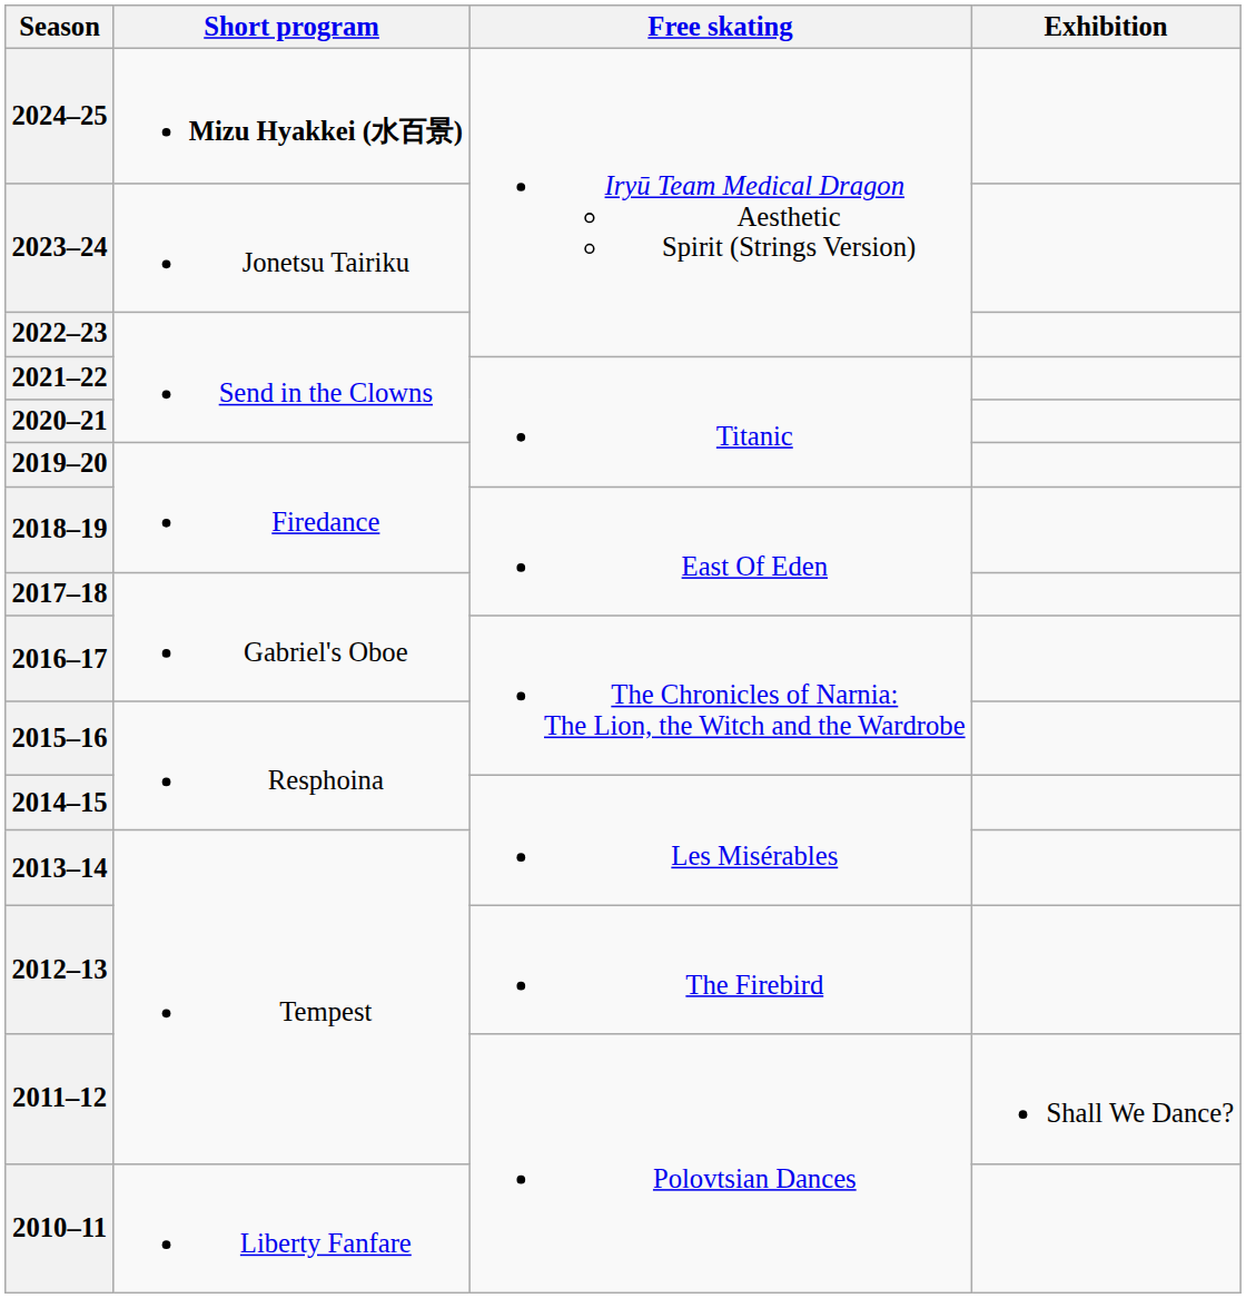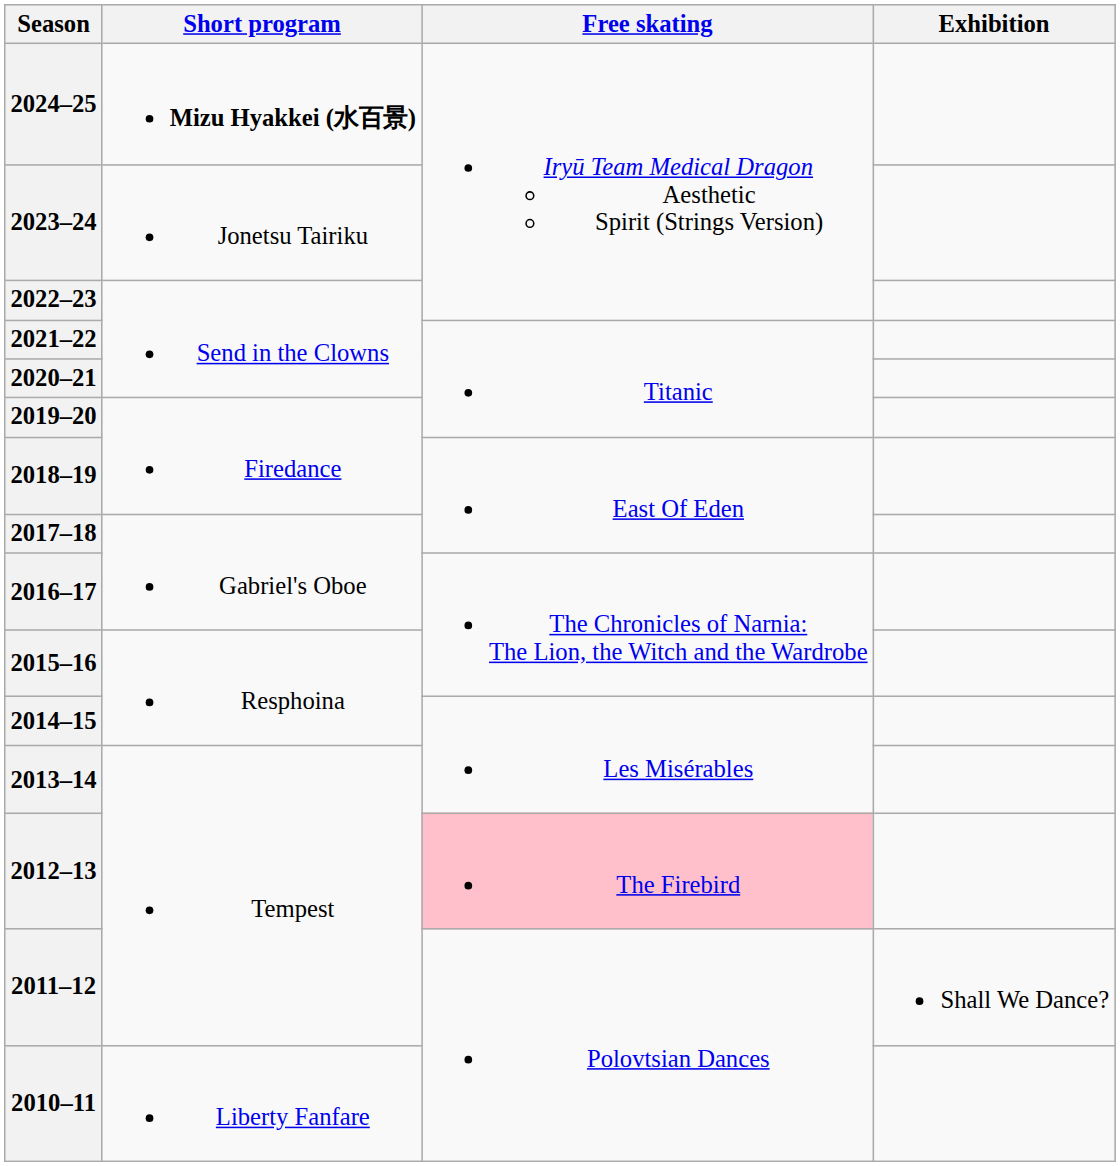 <table class="wikitable" style="text-align:center">
 <tr>
 <th>Season</th>
 <th><a href='#'>Short program</a></th>
 <th><a href='#'>Free skating</a></th>
 <th>Exhibition</th>
 </tr>
 <tr>
 <th>2024–25 <br> </th>
 <td><strong><br><ul><li>Mizu Hyakkei (水百景) <br></li></ul></strong></td>
 <td rowspan=3><br><ul><li><em><a href='#'>Iryū Team Medical Dragon</a></em><ul><li>Aesthetic</li><li>Spirit (Strings Version) <br></li></ul></li></ul></td>
 <td></td>
 </tr>
 <tr>
 <th>2023–24 <br> </th>
 <td><br><ul><li>Jonetsu Tairiku <br></li></ul></td>
 <td></td>
 </tr>
 <tr>
 <th>2022–23</th>
 <td rowspan=3><br><ul><li><a href='#'>Send in the Clowns</a><br></li></ul></td>
 <td></td>
 </tr>
 <tr>
 <th>2021–22</th>
 <td rowspan=3><br><ul><li><a href='#'>Titanic</a> <br></li></ul></td>
 <td></td>
 </tr>
 <tr>
 <th>2020–21</th>
 <td></td>
 </tr>
 <tr>
 <th>2019–20<br></th>
 <td rowspan=2><br><ul><li><a href='#'>Firedance</a><br></li></ul></td>
 <td></td>
 </tr>
 <tr>
 <th>2018–19<br></th>
 <td rowspan=2><br><ul><li><a href='#'>East Of Eden</a><br></li></ul></td>
 <td></td>
 </tr>
 <tr>
 <th>2017–18</th>
 <td rowspan=2><br><ul><li>Gabriel's Oboe<br></li></ul></td>
 <td></td>
 </tr>
 <tr>
 <th>2016–17</th>
 <td rowspan=2><br><ul><li><a href='#'>The Chronicles of Narnia:<br> The Lion, the Witch and the Wardrobe</a> <br></li></ul></td>
 <td></td>
 </tr>
 <tr>
 <th>2015–16 <br> </th>
 <td rowspan=2><br><ul><li>Resphoina <br></li></ul></td>
 <td></td>
 </tr>
 <tr>
 <th>2014–15 <br> </th>
 <td rowspan=2><br><ul><li><a href='#'>Les Misérables</a> <br></li></ul></td>
 <td></td>
 </tr>
 <tr>
 <th>2013–14 <br> </th>
 <td rowspan=3><br><ul><li>Tempest <br></li></ul></td>
 <td></td>
 </tr>
 <tr>
 <th>2012–13 <br> </th>
-<td><br><ul><li><a href='#'>The Firebird</a> <br></li></ul></td>
+<td style="background: pink;"><br><ul><li><a href='#'>The Firebird</a> <br></li></ul></td>
 <td></td>
 </tr>
 <tr>
 <th>2011–12 <br> </th>
 <td rowspan=2><br><ul><li><a href='#'>Polovtsian Dances</a> <br></li></ul></td>
 <td><br><ul><li>Shall We Dance? <br></li></ul></td>
 </tr>
 <tr>
 <th>2010–11 <br> </th>
 <td><br><ul><li><a href='#'>Liberty Fanfare</a> <br></li></ul></td>
 <td></td>
 </tr>
 </table>
